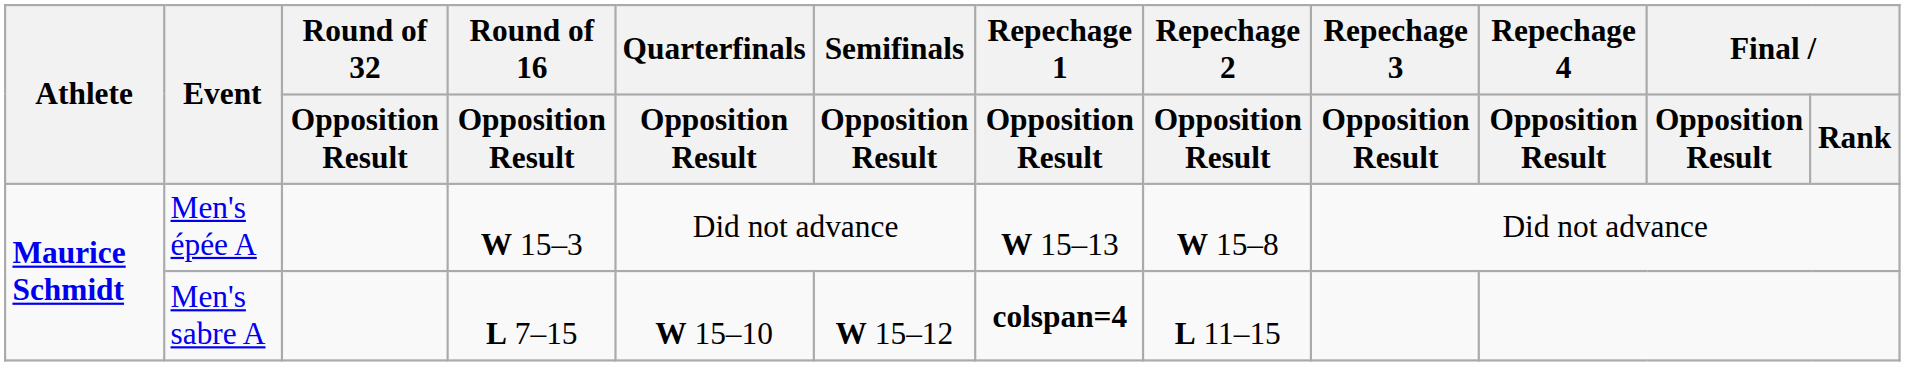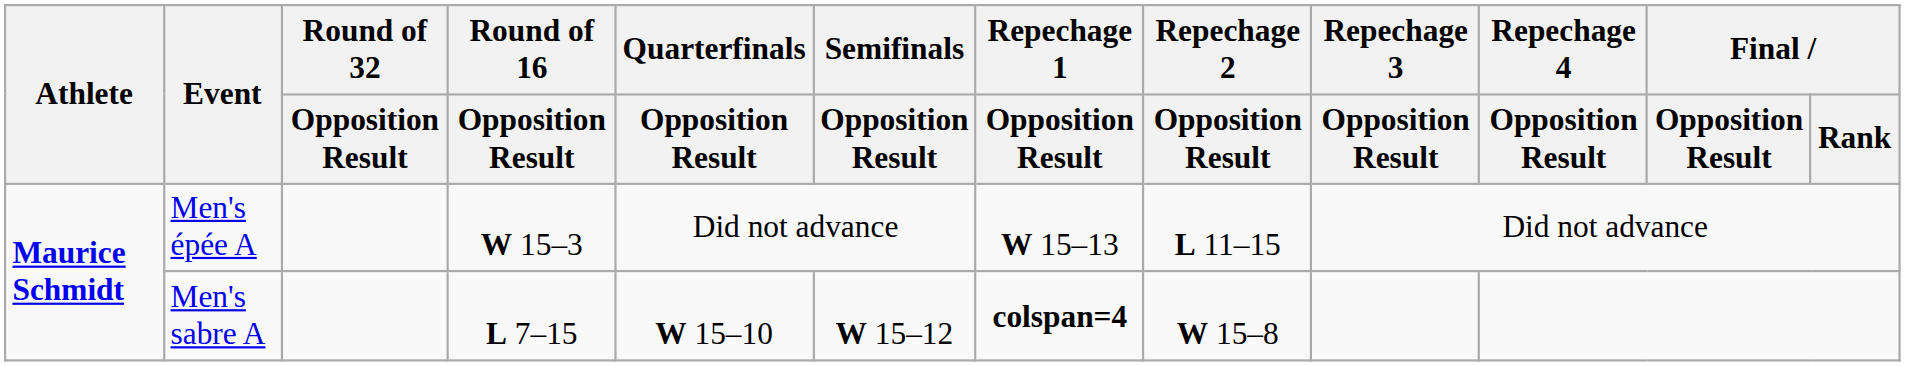 <table class=wikitable style="font-size:90%">
 <tr align=center>
 <th rowspan="2">Athlete</th>
 <th rowspan="2">Event</th>
 <th>Round of 32</th>
 <th>Round of 16</th>
 <th>Quarterfinals</th>
 <th>Semifinals</th>
 <th>Repechage 1</th>
 <th>Repechage 2</th>
 <th>Repechage 3</th>
 <th>Repechage 4</th>
 <th colspan="2">Final / </th>
 </tr>
 <tr>
 <th>Opposition<br>Result</th>
 <th>Opposition<br>Result</th>
 <th>Opposition<br>Result</th>
 <th>Opposition<br>Result</th>
 <th>Opposition<br>Result</th>
 <th>Opposition<br>Result</th>
 <th>Opposition<br>Result</th>
 <th>Opposition<br>Result</th>
 <th>Opposition<br>Result</th>
 <th>Rank</th>
 </tr>
 <tr align=center>
 <td align=left rowspan=2><strong><a href='#'>Maurice Schmidt</a></strong></td>
 <td align=left><a href='#'>Men's épée A</a></td>
 <td></td>
 <td><br><strong>W</strong> 15–3</td>
 <td colspan=2>Did not advance</td>
 <td><br><strong>W</strong> 15–13</td>
-<td><br><strong>W</strong> 15–8</td>
+<td><br><strong>L</strong> 11–15</td>
 <td colspan=4>Did not advance</td>
 </tr>
 <tr align=center>
 <td align=left><a href='#'>Men's sabre A</a></td>
 <td></td>
 <td><br><strong>L</strong> 7–15</td>
 <td><br><strong>W</strong> 15–10</td>
 <td><br><strong>W</strong> 15–12</td>
 <td><strong>colspan=4</strong></td>
-<td><br><strong>L</strong> 11–15</td>
+<td><br><strong>W</strong> 15–8</td>
 <td></td>
 </tr>
 </table>
